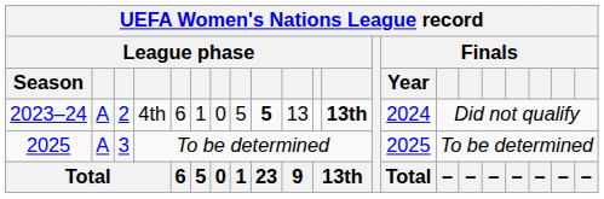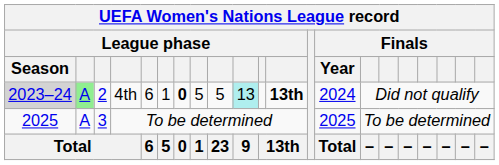 <table class="wikitable" style="text-align:center">
 <tr>
 <th colspan="22"><a href='#'>UEFA Women's Nations League</a> record</th>
 </tr>
 <tr>
 <th colspan="12">League phase</th>
 <th rowspan="5"></th>
 <th colspan="9">Finals</th>
 </tr>
 <tr>
 <th>Season</th>
 <th></th>
 <th></th>
 <th></th>
 <th></th>
 <th></th>
 <th></th>
 <th></th>
 <th></th>
 <th></th>
 <th></th>
 <th></th>
 <th>Year</th>
 <th></th>
 <th></th>
 <th></th>
 <th></th>
 <th></th>
 <th></th>
 <th></th>
 </tr>
 <tr>
-<td><a href='#'>2023–24</a></td>
-<td><a href='#'>A</a></td>
+<td style="background: lightgrey;"><a href='#'>2023–24</a></td>
+<td style="background: lightgreen;"><a href='#'>A</a></td>
 <td><a href='#'>2</a></td>
 <td>4th</td>
 <td>6</td>
 <td>1</td>
-<td>0</td>
+<td><strong>0</strong></td>
 <td>5</td>
-<td><strong>5</strong></td>
-<td>13</td>
+<td>5</td>
+<td style="background: paleturquoise;">13</td>
 <td></td>
 <td><strong>13th</strong></td>
 <td> <a href='#'>2024</a></td>
 <td colspan="8"><em>Did not qualify</em></td>
 </tr>
 <tr>
 <td><a href='#'>2025</a></td>
 <td><a href='#'>A</a></td>
 <td><a href='#'>3</a></td>
 <td colspan="9"><em>To be determined</em></td>
 <td> <a href='#'>2025</a></td>
 <td colspan="7"><em>To be determined</em></td>
 </tr>
 <tr>
 <th colspan="4">Total</th>
 <th>6</th>
 <th>5</th>
 <th>0</th>
 <th>1</th>
 <th>23</th>
 <th>9</th>
 <th colspan=2>13th</th>
 <th>Total</th>
 <th>–</th>
 <th>–</th>
 <th>–</th>
 <th>–</th>
 <th>–</th>
 <th>–</th>
 <th>–</th>
 </tr>
 </table>
